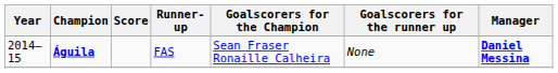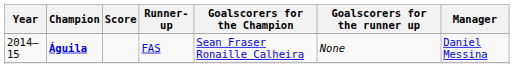 <table class="wikitable" style="margin:1em auto;">
 <tr>
 <th>Year</th>
 <th>Champion</th>
 <th>Score</th>
 <th>Runner-up</th>
 <th>Goalscorers for the Champion</th>
 <th>Goalscorers for the runner up</th>
 <th>Manager</th>
 </tr>
 <tr ---------------->
 </tr>
 <tr F>
 <td>2014–15</td>
 <td><strong><a href='#'>Águila</a></strong></td>
 <td></td>
 <td><a href='#'>FAS</a></td>
 <td> <a href='#'>Sean Fraser</a>  <a href='#'>Ronaille Calheira</a></td>
 <td><em>None</em></td>
-<td><strong> <a href='#'>Daniel Messina</a></strong></td>
+<td> <a href='#'>Daniel Messina</a></td>
 </tr>
 <tr>
 </tr>
 <tr ---------------->
 </tr>
 </table>
